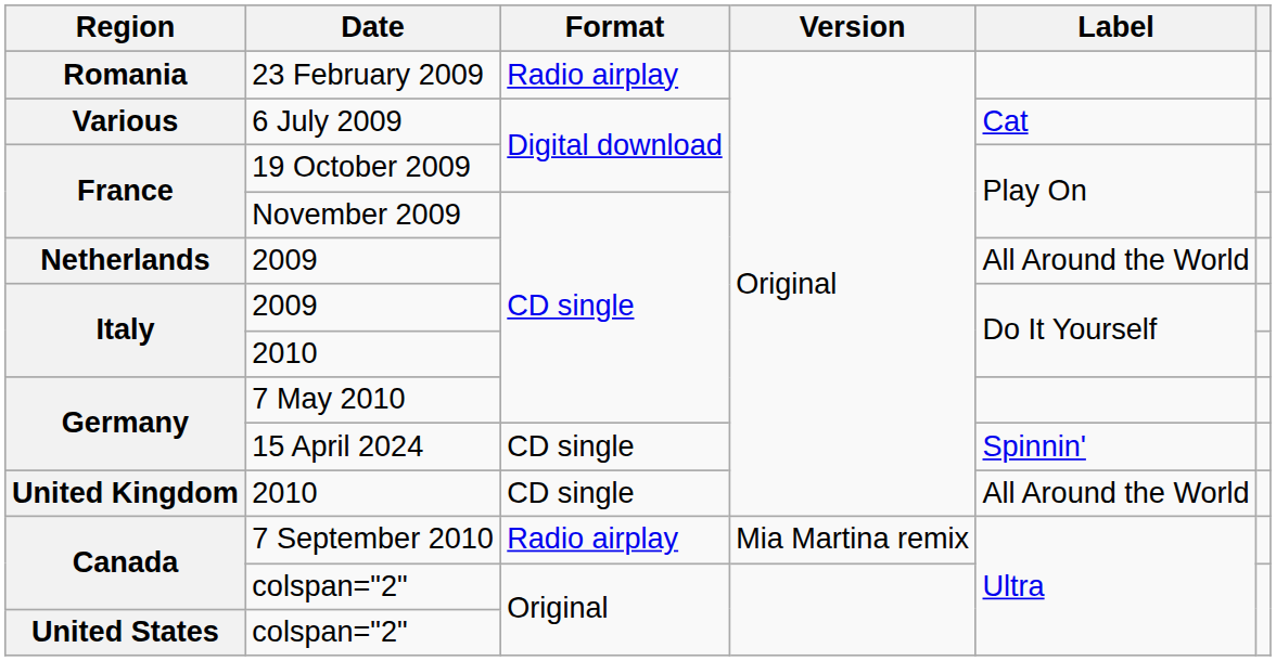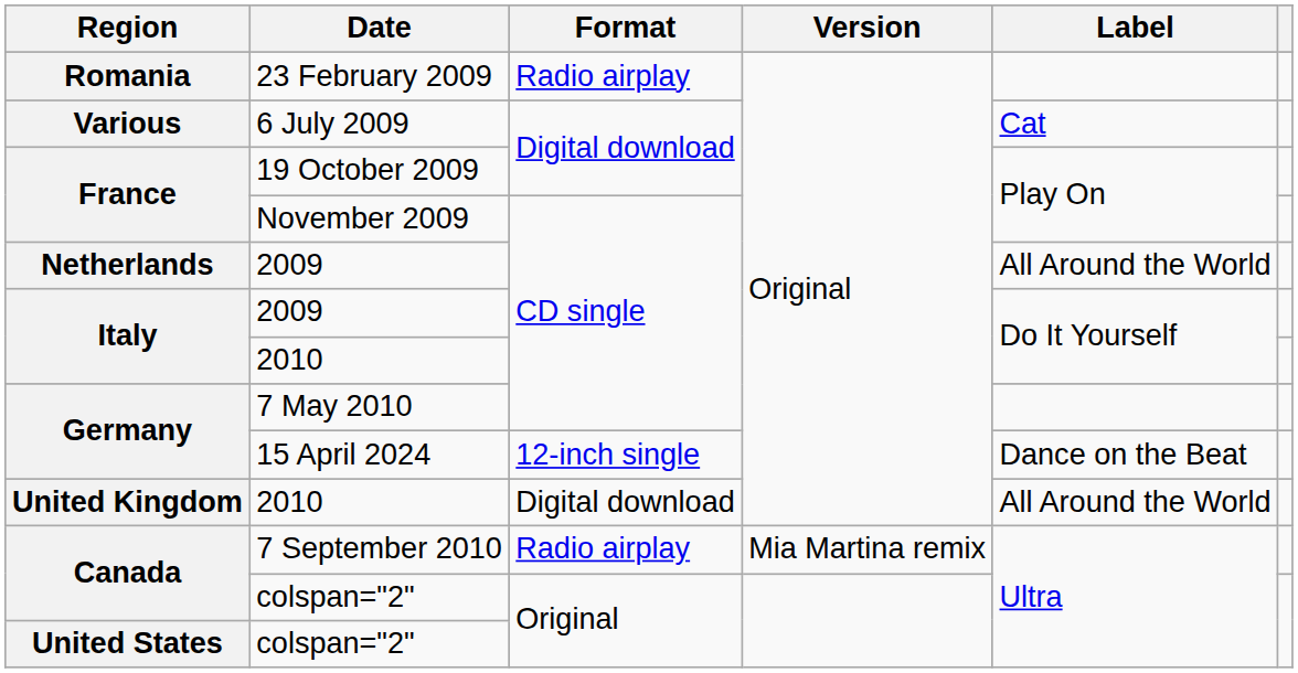 <table class="wikitable plainrowheaders unsortable">
 <tr>
 <th>Region</th>
 <th>Date</th>
 <th>Format</th>
 <th>Version</th>
 <th>Label</th>
 <th></th>
 </tr>
 <tr>
 <th scope="row">Romania</th>
 <td>23 February 2009</td>
 <td><a href='#'>Radio airplay</a></td>
 <td rowspan="10">Original</td>
 <td></td>
 <td></td>
 </tr>
 <tr>
 <th scope="row">Various</th>
 <td>6 July 2009</td>
 <td rowspan="2"><a href='#'>Digital download</a></td>
 <td><a href='#'>Cat</a></td>
 <td></td>
 </tr>
 <tr>
 <th scope="row" rowspan="2">France</th>
 <td>19 October 2009</td>
 <td rowspan="2">Play On</td>
 <td></td>
 </tr>
 <tr>
 <td>November 2009</td>
 <td rowspan="5"><a href='#'>CD single</a></td>
 <td></td>
 </tr>
 <tr>
 <th scope="row">Netherlands</th>
 <td>2009</td>
 <td>All Around the World</td>
 <td></td>
 </tr>
 <tr>
 <th scope="row" rowspan="2">Italy</th>
 <td>2009</td>
 <td rowspan="2">Do It Yourself</td>
 <td></td>
 </tr>
 <tr>
 <td>2010</td>
 <td></td>
 </tr>
 <tr>
 <th scope="row" rowspan="2">Germany</th>
 <td>7 May 2010</td>
 <td></td>
 <td></td>
 </tr>
 <tr>
 <td>15 April 2024</td>
-<td>CD single</td>
-<td><a href='#'>Spinnin'</a></td>
+<td><a href='#'>12-inch single</a></td>
+<td>Dance on the Beat</td>
 <td></td>
 </tr>
 <tr>
 <th scope="row">United Kingdom</th>
 <td>2010</td>
-<td>CD single</td>
+<td>Digital download</td>
 <td>All Around the World</td>
 <td></td>
 </tr>
 <tr>
 <th scope="row" rowspan="2">Canada</th>
 <td>7 September 2010</td>
 <td><a href='#'>Radio airplay</a></td>
 <td>Mia Martina remix</td>
 <td rowspan="3"><a href='#'>Ultra</a></td>
 <td></td>
 </tr>
 <tr>
 <td>colspan="2"</td>
 <td rowspan="2">Original</td>
 <td rowspan="2"></td>
 </tr>
 <tr>
 <th scope="row">United States</th>
 <td>colspan="2" </td>
 </tr>
 </table>
